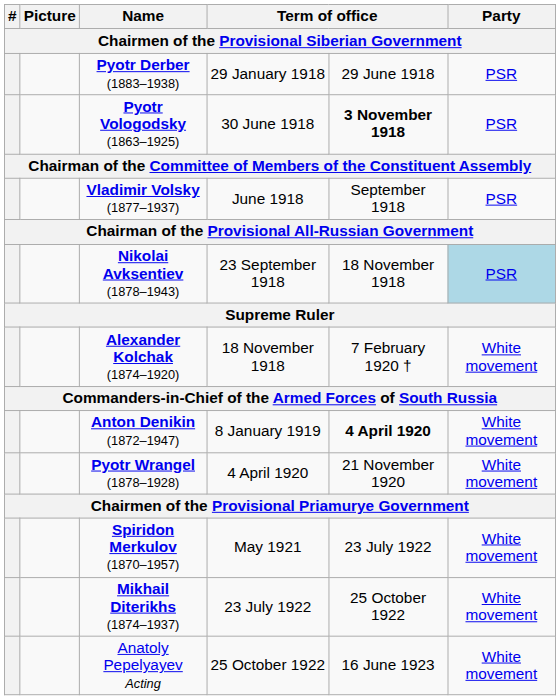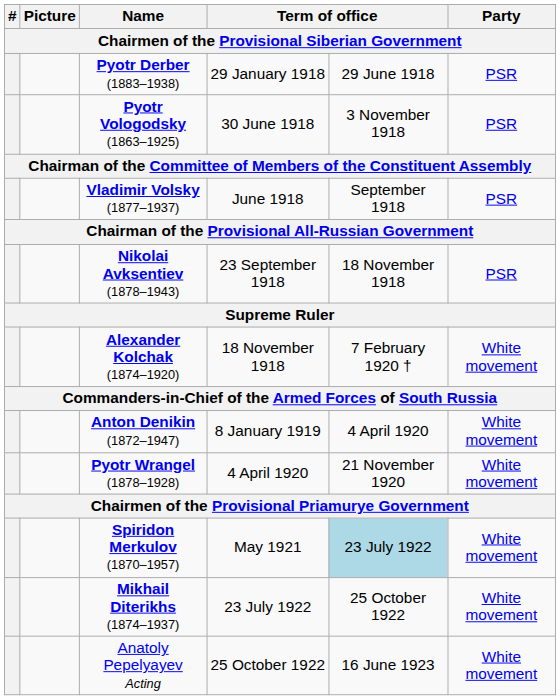 <table class="wikitable" style="text-align:center; width:65%">
 <tr>
 <th>#</th>
 <th>Picture</th>
 <th>Name</th>
 <th colspan="2">Term of office</th>
 <th>Party</th>
 </tr>
 <tr>
 <th colspan="6">Chairmen of the <a href='#'>Provisional Siberian Government</a></th>
 </tr>
 <tr>
 <th style="background:"></th>
 <td></td>
 <td><strong><a href='#'>Pyotr Derber</a></strong><br><small>(1883–1938)</small></td>
 <td>29 January 1918</td>
 <td>29 June 1918</td>
 <td><a href='#'>PSR</a></td>
 </tr>
 <tr>
 <th style="background:"></th>
 <td></td>
 <td><strong><a href='#'>Pyotr Vologodsky</a></strong><br><small>(1863–1925)</small></td>
 <td>30 June 1918</td>
-<td><strong>3 November 1918</strong></td>
+<td>3 November 1918</td>
 <td><a href='#'>PSR</a></td>
 </tr>
 <tr>
 <th colspan="6">Chairman of the <a href='#'>Committee of Members of the Constituent Assembly</a></th>
 </tr>
 <tr>
 <th style="background:"></th>
 <td></td>
 <td><strong><a href='#'>Vladimir Volsky</a></strong><br><small>(1877–1937)</small></td>
 <td>June 1918</td>
 <td>September 1918</td>
 <td><a href='#'>PSR</a></td>
 </tr>
 <tr>
 <th colspan="6">Chairman of the <a href='#'>Provisional All-Russian Government</a></th>
 </tr>
 <tr>
 <th style="background:"></th>
 <td></td>
 <td><strong><a href='#'>Nikolai Avksentiev</a></strong><br><small>(1878–1943)</small></td>
 <td>23 September 1918</td>
 <td>18 November 1918</td>
-<td style="background: lightblue;"><a href='#'>PSR</a></td>
+<td><a href='#'>PSR</a></td>
 </tr>
 <tr>
 <th colspan="6">Supreme Ruler</th>
 </tr>
 <tr>
 <th style="background:"></th>
 <td></td>
 <td><strong><a href='#'>Alexander Kolchak</a></strong><br><small>(1874–1920)</small></td>
 <td>18 November 1918</td>
 <td>7 February 1920 †</td>
 <td><a href='#'>White movement</a></td>
 </tr>
 <tr>
 <th colspan="6">Commanders-in-Chief of the <a href='#'>Armed Forces</a> of <a href='#'>South Russia</a></th>
 </tr>
 <tr>
 <th style="background:"></th>
 <td></td>
 <td><strong><a href='#'>Anton Denikin</a></strong><br><small>(1872–1947)</small></td>
 <td>8 January 1919</td>
-<td><strong>4 April 1920</strong></td>
+<td>4 April 1920</td>
 <td><a href='#'>White movement</a></td>
 </tr>
 <tr>
 <th style="background:"></th>
 <td></td>
 <td><strong><a href='#'>Pyotr Wrangel</a></strong><br><small>(1878–1928)</small></td>
 <td>4 April 1920</td>
 <td>21 November 1920</td>
 <td><a href='#'>White movement</a></td>
 </tr>
 <tr>
 <th colspan="6">Chairmen of the <a href='#'>Provisional Priamurye Government</a></th>
 </tr>
 <tr>
 <th style="background:"></th>
 <td></td>
 <td><strong><a href='#'>Spiridon Merkulov</a></strong><br><small>(1870–1957)</small></td>
 <td>May 1921</td>
-<td>23 July 1922</td>
+<td style="background: lightblue;">23 July 1922</td>
 <td><a href='#'>White movement</a></td>
 </tr>
 <tr>
 <th style="background:"></th>
 <td></td>
 <td><strong><a href='#'>Mikhail Diterikhs</a></strong><br><small>(1874–1937)</small></td>
 <td>23 July 1922</td>
 <td>25 October 1922</td>
 <td><a href='#'>White movement</a></td>
 </tr>
 <tr>
 <th style="background:"></th>
 <td></td>
 <td><a href='#'>Anatoly Pepelyayev</a><br><small><em>Acting</em></small></td>
 <td>25 October 1922</td>
 <td>16 June 1923</td>
 <td><a href='#'>White movement</a></td>
 </tr>
 </table>
